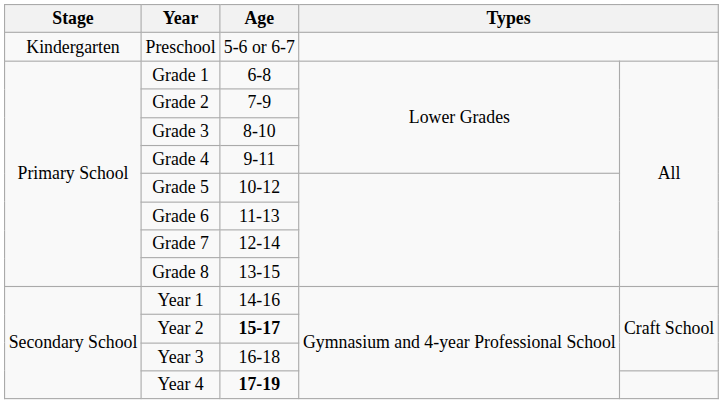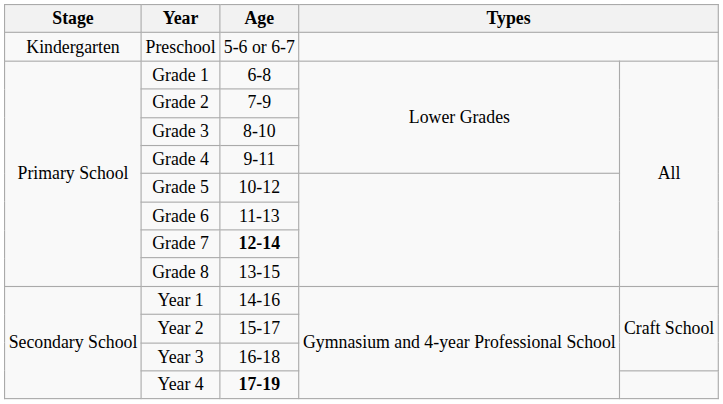 <table class="wikitable" style="text-align: center">
 <tr>
 <th>Stage</th>
 <th>Year</th>
 <th>Age</th>
 <th colspan="2">Types</th>
 </tr>
 <tr>
 <td>Kindergarten</td>
 <td>Preschool</td>
 <td>5-6 or 6-7</td>
 <td colspan="2"></td>
 </tr>
 <tr>
 <td rowspan="8">Primary School</td>
 <td>Grade 1</td>
 <td>6-8</td>
 <td rowspan="4">Lower Grades</td>
 <td rowspan="8">All</td>
 </tr>
 <tr>
 <td>Grade 2</td>
 <td>7-9</td>
 </tr>
 <tr>
 <td>Grade 3</td>
 <td>8-10</td>
 </tr>
 <tr>
 <td>Grade 4</td>
 <td>9-11</td>
 </tr>
 <tr>
 <td>Grade 5</td>
 <td>10-12</td>
 </tr>
 <tr>
 <td>Grade 6</td>
 <td>11-13</td>
 </tr>
 <tr>
 <td>Grade 7</td>
-<td>12-14</td>
+<td><strong>12-14</strong></td>
 </tr>
 <tr>
 <td>Grade 8</td>
 <td>13-15</td>
 </tr>
 <tr>
 <td rowspan="4">Secondary School</td>
 <td>Year 1</td>
 <td>14-16</td>
 <td rowspan="4">Gymnasium and 4-year Professional School</td>
 <td rowspan="3">Craft School</td>
 </tr>
 <tr>
 <td>Year 2</td>
-<td><strong>15-17</strong></td>
+<td>15-17</td>
 </tr>
 <tr>
 <td>Year 3</td>
 <td>16-18</td>
 </tr>
 <tr>
 <td>Year 4</td>
 <td><strong>17-19</strong></td>
 <td></td>
 </tr>
 </table>
